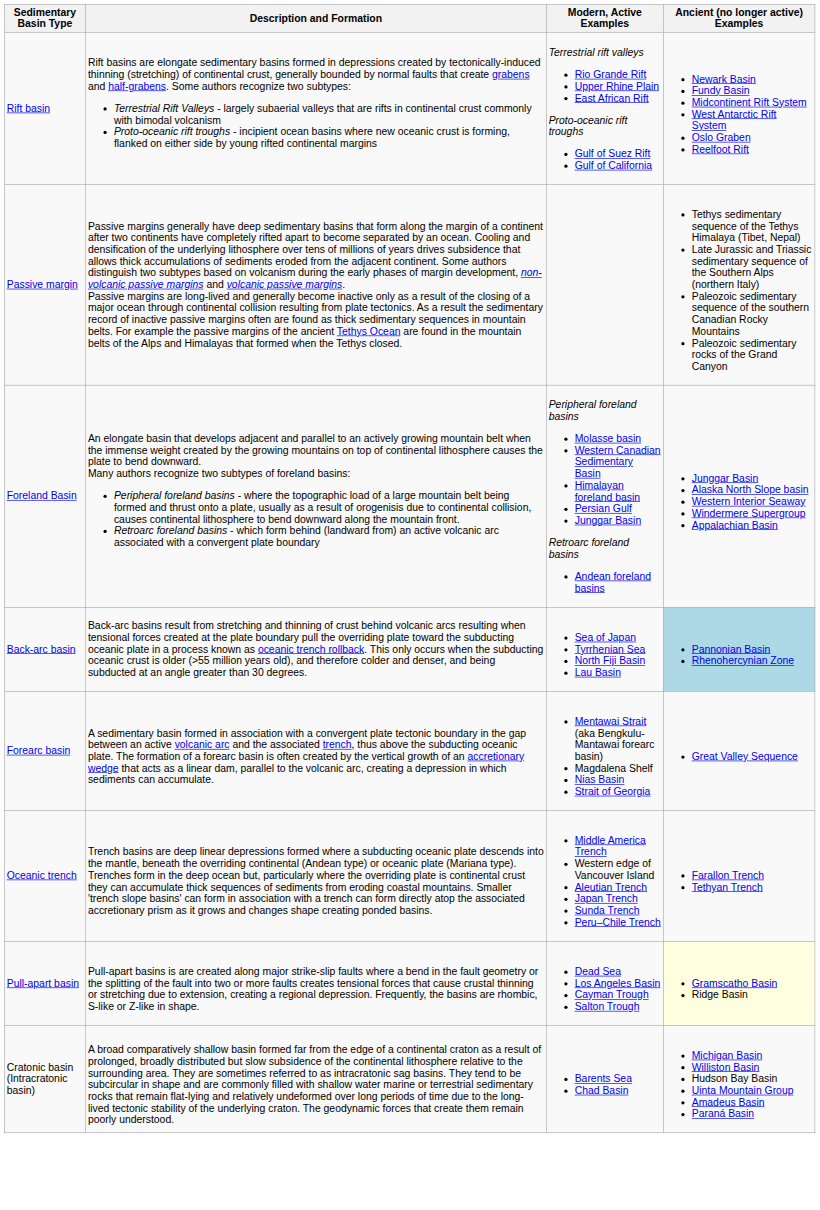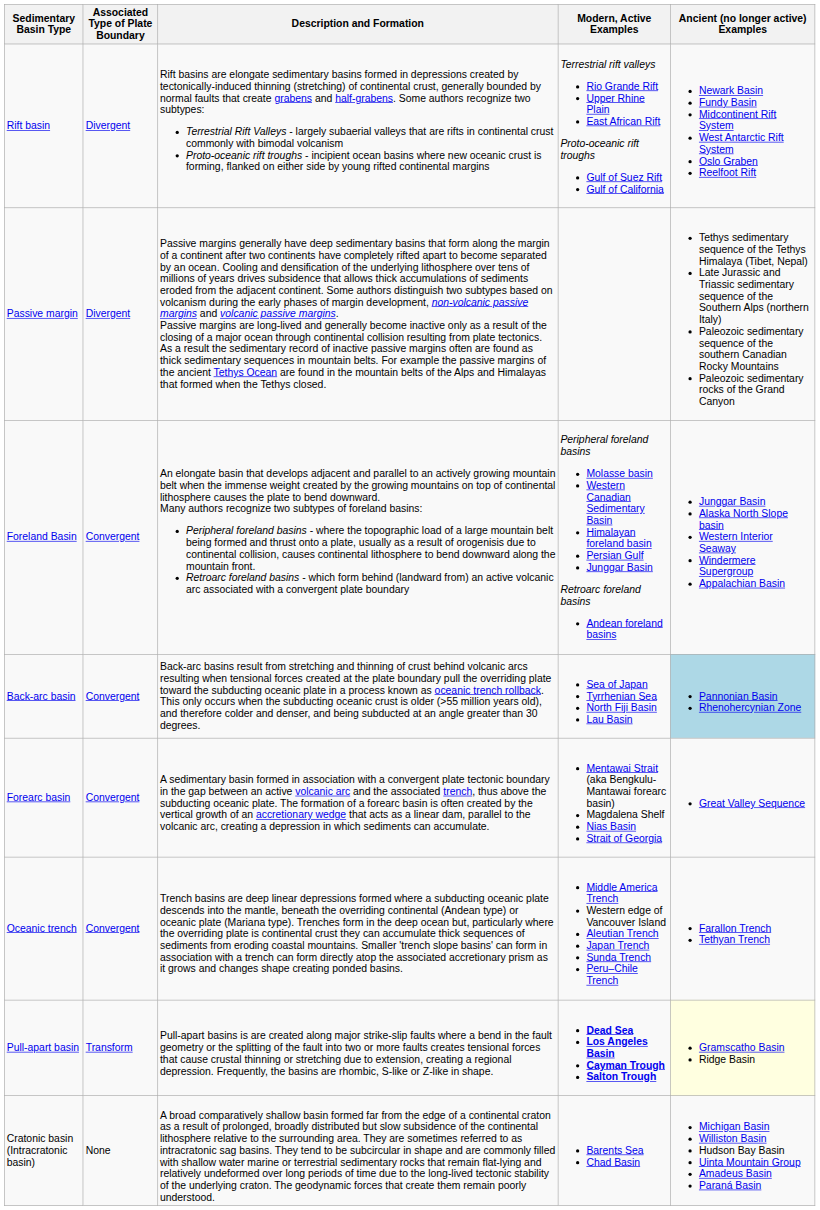 <table class="wikitable">
 <tr>
 <th>Sedimentary Basin Type</th>
+<th>Associated Type of Plate Boundary</th>
 <th>Description and Formation</th>
 <th>Modern, Active Examples</th>
 <th>Ancient (no longer active) Examples</th>
 </tr>
 <tr>
 <td><a href='#'> Rift basin</a></td>
+<td><a href='#'>Divergent</a></td>
 <td>Rift basins are elongate sedimentary basins formed in depressions created by tectonically-induced thinning (stretching) of continental crust, generally bounded by normal faults that create <a href='#'>grabens</a> and <a href='#'>half-grabens</a>. Some authors recognize two subtypes:<br><ul><li><em>Terrestrial Rift Valleys</em> - largely subaerial valleys that are rifts in continental crust commonly with bimodal volcanism</li><li><em>Proto-oceanic rift troughs</em> - incipient ocean basins where new oceanic crust is forming, flanked on either side by young rifted continental margins</li></ul></td>
 <td><br><em>Terrestrial rift valleys</em><ul><li><a href='#'>Rio Grande Rift</a></li><li><a href='#'>Upper Rhine Plain</a></li><li><a href='#'>East African Rift</a></li></ul><em>Proto-oceanic rift troughs</em><ul><li><a href='#'>Gulf of Suez Rift</a></li><li><a href='#'>Gulf of California</a></li></ul></td>
 <td><br><ul><li><a href='#'>Newark Basin</a></li><li><a href='#'>Fundy Basin</a></li><li><a href='#'>Midcontinent Rift System</a></li><li><a href='#'>West Antarctic Rift System</a></li><li><a href='#'>Oslo Graben</a></li><li><a href='#'>Reelfoot Rift</a></li></ul></td>
 </tr>
 <tr>
 <td><a href='#'>Passive margin</a></td>
+<td><a href='#'>Divergent</a></td>
 <td>Passive margins generally have deep sedimentary basins that form along the margin of a continent after two continents have completely rifted apart to become separated by an ocean. Cooling and densification of the underlying lithosphere over tens of millions of years drives subsidence that allows thick accumulations of sediments eroded from the adjacent continent. Some authors distinguish two subtypes based on volcanism during the early phases of margin development, <em><a href='#'>non-volcanic passive margins</a></em> and <em><a href='#'>volcanic passive margins</a></em>.<br> Passive margins are long-lived and generally become inactive only as a result of the closing of a major ocean through continental collision resulting from plate tectonics. As a result the sedimentary record of inactive passive margins often are found as thick sedimentary sequences in mountain belts. For example the passive margins of the ancient <a href='#'>Tethys Ocean</a> are found in the mountain belts of the Alps and Himalayas that formed when the Tethys closed.</td>
 <td><br></td>
 <td><br><ul><li>Tethys sedimentary sequence of the Tethys Himalaya (Tibet, Nepal)</li><li>Late Jurassic and Triassic sedimentary sequence of the Southern Alps (northern Italy)</li><li>Paleozoic sedimentary sequence of the southern Canadian Rocky Mountains</li><li>Paleozoic sedimentary rocks of the Grand Canyon</li></ul></td>
 </tr>
 <tr>
 <td><a href='#'>Foreland Basin</a></td>
+<td><a href='#'>Convergent</a></td>
 <td>An elongate basin that develops adjacent and parallel to an actively growing mountain belt when the immense weight created by the growing mountains on top of continental lithosphere causes the plate to bend downward.<br>Many authors recognize two subtypes of foreland basins:<ul><li><em>Peripheral foreland basins</em> - where the topographic load of a large mountain belt being formed and thrust onto a plate, usually as a result of orogenisis due to continental collision, causes continental lithosphere to bend downward along the mountain front.</li><li><em>Retroarc foreland basins</em> - which form behind (landward from) an active volcanic arc associated with a convergent plate boundary</li></ul></td>
 <td><br><em>Peripheral foreland basins</em><ul><li><a href='#'>Molasse basin</a></li><li><a href='#'>Western Canadian Sedimentary Basin</a></li><li><a href='#'>Himalayan foreland basin</a></li><li><a href='#'>Persian Gulf</a></li><li><a href='#'>Junggar Basin</a></li></ul><em>Retroarc foreland basins</em><ul><li><a href='#'>Andean foreland basins</a></li></ul></td>
 <td><br><ul><li><a href='#'>Junggar Basin</a></li><li><a href='#'>Alaska North Slope basin</a></li><li><a href='#'>Western Interior Seaway</a></li><li><a href='#'>Windermere Supergroup</a></li><li><a href='#'>Appalachian Basin</a></li></ul></td>
 </tr>
 <tr>
 <td><a href='#'>Back-arc basin</a></td>
+<td><a href='#'>Convergent</a></td>
 <td>Back-arc basins result from stretching and thinning of crust behind volcanic arcs resulting when tensional forces created at the plate boundary pull the overriding plate toward the subducting oceanic plate in a process known as <a href='#'>oceanic trench rollback</a>. This only occurs when the subducting oceanic crust is older (>55 million years old), and therefore colder and denser, and being subducted at an angle greater than 30 degrees.<br></td>
 <td><br><ul><li><a href='#'>Sea of Japan</a></li><li><a href='#'>Tyrrhenian Sea</a></li><li><a href='#'>North Fiji Basin</a></li><li><a href='#'>Lau Basin</a></li></ul></td>
 <td style="background: lightblue;"><br><ul><li><a href='#'>Pannonian Basin</a></li><li><a href='#'>Rhenohercynian Zone</a></li></ul></td>
 </tr>
 <tr>
 <td><a href='#'>Forearc basin</a></td>
+<td><a href='#'>Convergent</a></td>
 <td><br>A sedimentary basin formed in association with a convergent plate tectonic boundary in the gap between an active <a href='#'>volcanic arc</a> and the associated <a href='#'>trench</a>, thus above the subducting oceanic plate. The formation of a forearc basin is often created by the vertical growth of an <a href='#'>accretionary wedge</a> that acts as a linear dam, parallel to the volcanic arc, creating a depression in which sediments can accumulate.   </td>
 <td><br><ul><li><a href='#'>Mentawai Strait</a> (aka Bengkulu-Mantawai forearc basin)</li><li>Magdalena Shelf</li><li><a href='#'>Nias Basin</a></li><li><a href='#'>Strait of Georgia</a></li></ul></td>
 <td><br><ul><li><a href='#'>Great Valley Sequence</a></li></ul></td>
 </tr>
 <tr>
 <td><a href='#'>Oceanic trench</a></td>
+<td><a href='#'>Convergent</a></td>
 <td><br>Trench basins are deep linear depressions formed where a subducting oceanic plate descends into the mantle, beneath the overriding continental (Andean type) or oceanic plate (Mariana type). Trenches form in the deep ocean but, particularly where the overriding plate is continental crust they can accumulate thick sequences of sediments from eroding coastal mountains. Smaller 'trench slope basins' can form in association with a trench can form directly atop the associated accretionary prism as it grows and changes shape creating ponded basins. </td>
 <td><br><ul><li><a href='#'>Middle America Trench</a></li><li>Western edge of Vancouver Island</li><li><a href='#'>Aleutian Trench</a></li><li><a href='#'>Japan Trench</a></li><li><a href='#'>Sunda Trench</a></li><li><a href='#'>Peru–Chile Trench</a></li></ul></td>
 <td><br><ul><li><a href='#'>Farallon Trench</a></li><li><a href='#'>Tethyan Trench</a></li></ul></td>
 </tr>
 <tr>
 <td><a href='#'>Pull-apart basin</a></td>
+<td><a href='#'>Transform</a></td>
 <td><br>  Pull-apart basins is are created along major strike-slip faults where a bend in the fault geometry or the splitting of the fault into two or more faults creates tensional forces that cause crustal thinning or stretching due to extension, creating a regional depression. Frequently, the basins are rhombic, S-like or Z-like in shape.</td>
-<td><br><ul><li><a href='#'>Dead Sea</a></li><li><a href='#'>Los Angeles Basin</a></li><li><a href='#'>Cayman Trough</a></li><li><a href='#'>Salton Trough</a></li></ul></td>
+<td><strong><br><ul><li><a href='#'>Dead Sea</a></li><li><a href='#'>Los Angeles Basin</a></li><li><a href='#'>Cayman Trough</a></li><li><a href='#'>Salton Trough</a></li></ul></strong></td>
 <td style="background: lightyellow;"><br><ul><li><a href='#'>Gramscatho Basin</a></li><li>Ridge Basin</li></ul></td>
 </tr>
 <tr>
 <td>Cratonic basin (Intracratonic basin)</td>
+<td>None</td>
 <td><br>A broad comparatively shallow basin formed far from the edge of a continental craton as a result of prolonged, broadly distributed but slow subsidence of the continental lithosphere relative to the surrounding area. They are sometimes referred to as intracratonic sag basins. They tend to be subcircular in shape and are commonly filled with shallow water marine or terrestrial sedimentary rocks that remain flat-lying and relatively undeformed over long periods of time due to the long-lived tectonic stability of the underlying craton. The geodynamic forces that create them remain poorly understood.</td>
 <td><br><ul><li><a href='#'>Barents Sea</a></li><li><a href='#'>Chad Basin</a></li></ul></td>
 <td><br><ul><li><a href='#'>Michigan Basin</a></li><li><a href='#'>Williston Basin</a></li><li>Hudson Bay Basin</li><li><a href='#'>Uinta Mountain Group</a></li><li><a href='#'>Amadeus Basin</a></li><li><a href='#'>Paraná Basin</a></li></ul></td>
 </tr>
 </table>
